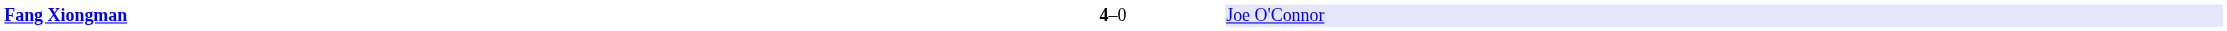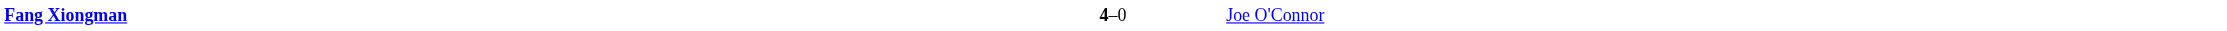 <table width="100%" cellspacing="1">
 <tr>
 <th width=45%></th>
 <th width=10%></th>
 <th width=45%></th>
 </tr>
 <tr>
 <td> <strong><a href='#'>Fang Xiongman</a></strong></td>
 <td align="center"><strong>4</strong>–0</td>
-<td style="background: lavender;"> <a href='#'>Joe O'Connor</a></td>
+<td> <a href='#'>Joe O'Connor</a></td>
 </tr>
 </table>
